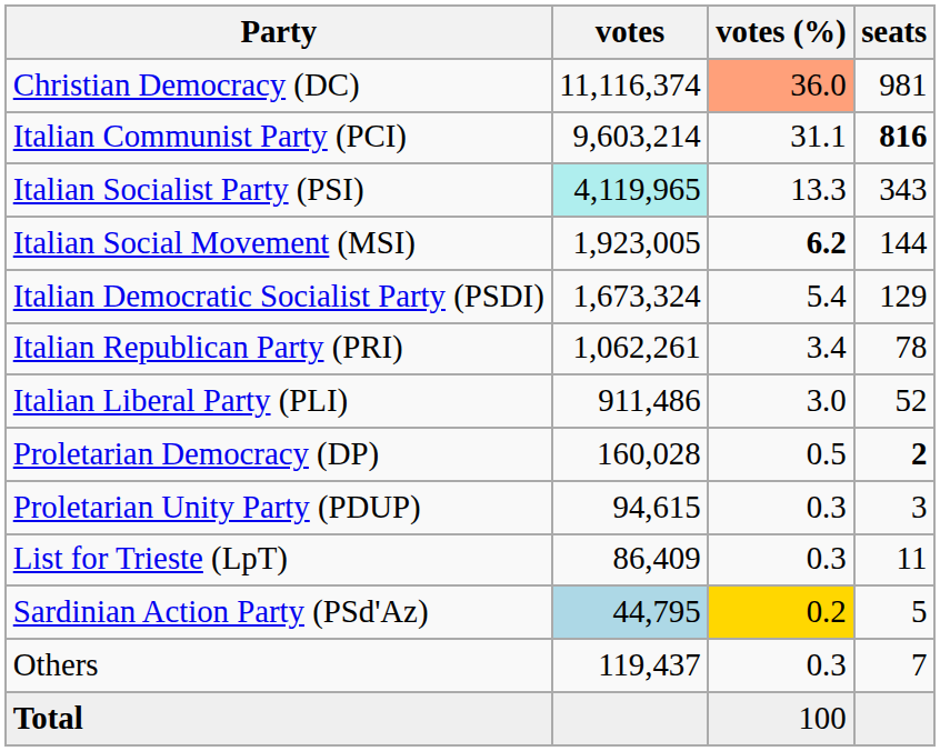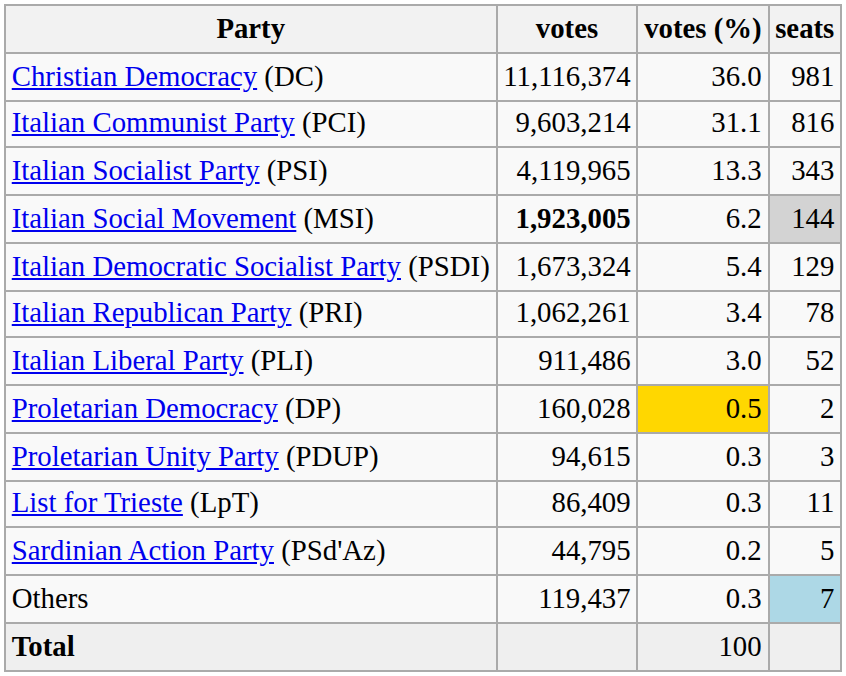 <table class="wikitable" style="font-size: 90%;">
 <tr bgcolor="EFEFEF">
 <th>Party</th>
 <th>votes</th>
 <th>votes (%)</th>
 <th>seats</th>
 </tr>
 <tr>
 <td><a href='#'>Christian Democracy</a> (DC)</td>
 <td align=right>11,116,374</td>
-<td align=right style="background: lightsalmon;">36.0</td>
+<td align=right>36.0</td>
 <td align=right>981</td>
 </tr>
 <tr>
 <td><a href='#'>Italian Communist Party</a> (PCI)</td>
 <td align=right>9,603,214</td>
 <td align=right>31.1</td>
-<td align=right><strong>816</strong></td>
+<td align=right>816</td>
 </tr>
 <tr>
 <td><a href='#'>Italian Socialist Party</a> (PSI)</td>
-<td align=right style="background: paleturquoise;">4,119,965</td>
+<td align=right>4,119,965</td>
 <td align=right>13.3</td>
 <td align=right>343</td>
 </tr>
 <tr>
 <td><a href='#'>Italian Social Movement</a> (MSI)</td>
-<td align=right>1,923,005</td>
-<td align=right><strong>6.2</strong></td>
-<td align=right>144</td>
+<td align=right><strong>1,923,005</strong></td>
+<td align=right>6.2</td>
+<td align=right style="background: lightgrey;">144</td>
 </tr>
 <tr>
 <td><a href='#'>Italian Democratic Socialist Party</a> (PSDI)</td>
 <td align=right>1,673,324</td>
 <td align=right>5.4</td>
 <td align=right>129</td>
 </tr>
 <tr>
 <td><a href='#'>Italian Republican Party</a> (PRI)</td>
 <td align=right>1,062,261</td>
 <td align=right>3.4</td>
 <td align=right>78</td>
 </tr>
 <tr>
 <td><a href='#'>Italian Liberal Party</a> (PLI)</td>
 <td align=right>911,486</td>
 <td align=right>3.0</td>
 <td align=right>52</td>
 </tr>
 <tr>
 <td><a href='#'>Proletarian Democracy</a> (DP)</td>
 <td align=right>160,028</td>
-<td align=right>0.5</td>
-<td align=right><strong>2</strong></td>
+<td align=right style="background: gold;">0.5</td>
+<td align=right>2</td>
 </tr>
 <tr>
 <td><a href='#'>Proletarian Unity Party</a> (PDUP)</td>
 <td align=right>94,615</td>
 <td align=right>0.3</td>
 <td align=right>3</td>
 </tr>
 <tr>
 <td><a href='#'>List for Trieste</a> (LpT)</td>
 <td align=right>86,409</td>
 <td align=right>0.3</td>
 <td align=right>11</td>
 </tr>
 <tr>
 <td><a href='#'>Sardinian Action Party</a> (PSd'Az)</td>
-<td align=right style="background: lightblue;">44,795</td>
-<td align=right style="background: gold;">0.2</td>
+<td align=right>44,795</td>
+<td align=right>0.2</td>
 <td align=right>5</td>
 </tr>
 <tr>
 <td>Others</td>
 <td align=right>119,437</td>
 <td align=right>0.3</td>
-<td align=right>7</td>
+<td align=right style="background: lightblue;">7</td>
 </tr>
 <tr>
 </tr>
 <tr bgcolor="EFEFEF">
 <td align=left><strong>Total</strong></td>
 <td align=right></td>
 <td align=right>100</td>
 <td align=right></td>
 </tr>
 </table>
